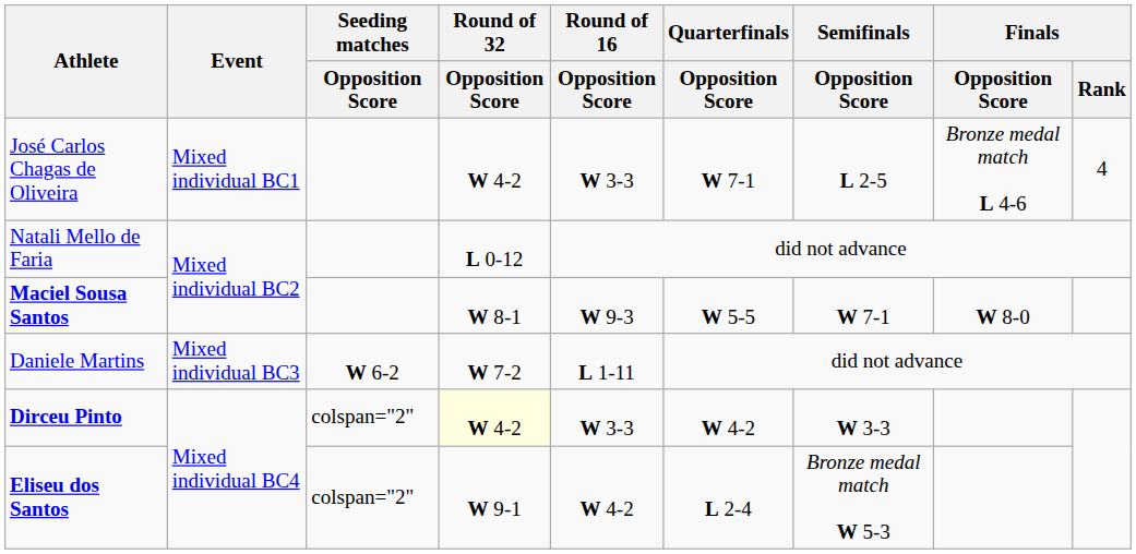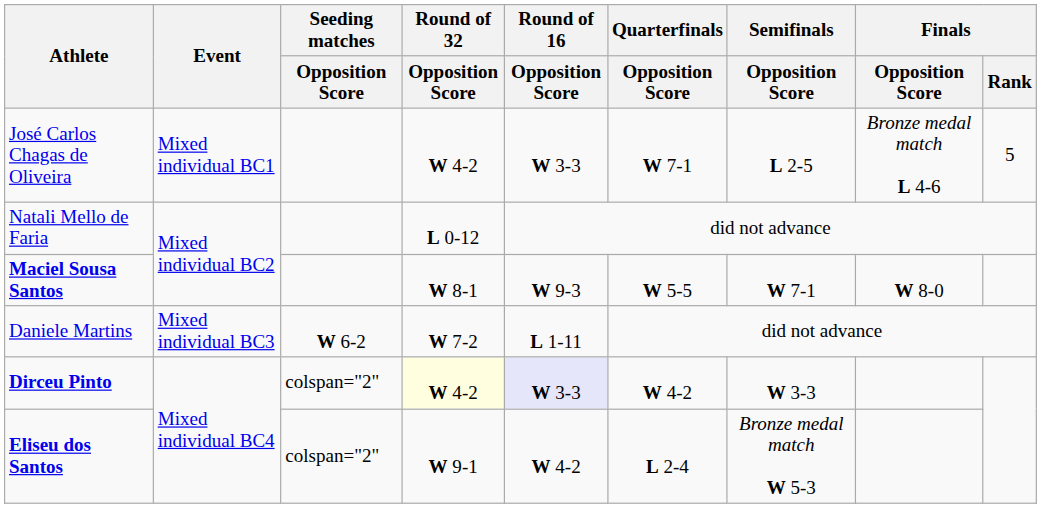 <table class=wikitable>
 <tr>
 <th rowspan="2">Athlete</th>
 <th rowspan="2">Event</th>
 <th>Seeding matches</th>
 <th>Round of 32</th>
 <th>Round of 16</th>
 <th>Quarterfinals</th>
 <th>Semifinals</th>
 <th colspan="2">Finals</th>
 </tr>
 <tr>
 <th>Opposition<br>Score</th>
 <th>Opposition<br>Score</th>
 <th>Opposition<br>Score</th>
 <th>Opposition<br>Score</th>
 <th>Opposition<br>Score</th>
 <th>Opposition<br>Score</th>
 <th>Rank</th>
 </tr>
 <tr>
 <td align=left><a href='#'>José Carlos Chagas de Oliveira</a></td>
 <td align=left><a href='#'>Mixed individual BC1</a></td>
 <td></td>
 <td align=center><br><strong>W</strong> 4-2</td>
 <td align=center><br><strong>W</strong> 3-3</td>
 <td align=center><br><strong>W</strong> 7-1</td>
 <td align=center><br><strong>L</strong> 2-5</td>
 <td align=center><em>Bronze medal match</em><br><br><strong>L</strong> 4-6</td>
-<td align=center>4</td>
+<td align=center>5</td>
 </tr>
 <tr>
 <td align=left><a href='#'>Natali Mello de Faria</a></td>
 <td align=left rowspan="2"><a href='#'>Mixed individual BC2</a></td>
 <td></td>
 <td align=center><br><strong>L</strong> 0-12</td>
 <td align=center colspan="5">did not advance</td>
 </tr>
 <tr>
 <td align=left><strong><a href='#'>Maciel Sousa Santos</a></strong></td>
 <td></td>
 <td align=center><br><strong>W</strong> 8-1</td>
 <td align=center><br><strong>W</strong> 9-3</td>
 <td align=center><br><strong>W</strong> 5-5</td>
 <td align=center><br><strong>W</strong> 7-1</td>
 <td align=center><br><strong>W</strong> 8-0</td>
 <td align=center></td>
 </tr>
 <tr>
 <td align=left><a href='#'>Daniele Martins</a></td>
 <td align=left><a href='#'>Mixed individual BC3</a></td>
 <td align=center><br><strong>W</strong> 6-2</td>
 <td align=center><br><strong>W</strong> 7-2</td>
 <td align=center><br><strong>L</strong> 1-11</td>
 <td align=center colspan="4">did not advance</td>
 </tr>
 <tr>
 <td align=left><strong><a href='#'>Dirceu Pinto</a></strong></td>
 <td align=left rowspan="2"><a href='#'>Mixed individual BC4</a></td>
 <td>colspan="2" </td>
 <td align=center style="background: lightyellow;"><br><strong>W</strong> 4-2</td>
-<td align=center><br><strong>W</strong> 3-3</td>
+<td align=center style="background: lavender;"><br><strong>W</strong> 3-3</td>
 <td align=center><br><strong>W</strong> 4-2</td>
 <td align=center><br><strong>W</strong> 3-3</td>
 <td align=center></td>
 </tr>
 <tr>
 <td align=left><strong><a href='#'>Eliseu dos Santos</a></strong></td>
 <td>colspan="2" </td>
 <td align=center><br><strong>W</strong> 9-1</td>
 <td align=center><br><strong>W</strong> 4-2</td>
 <td align=center><br><strong>L</strong> 2-4</td>
 <td align=center><em>Bronze medal match</em><br><br><strong>W</strong> 5-3</td>
 <td align=center></td>
 </tr>
 </table>
